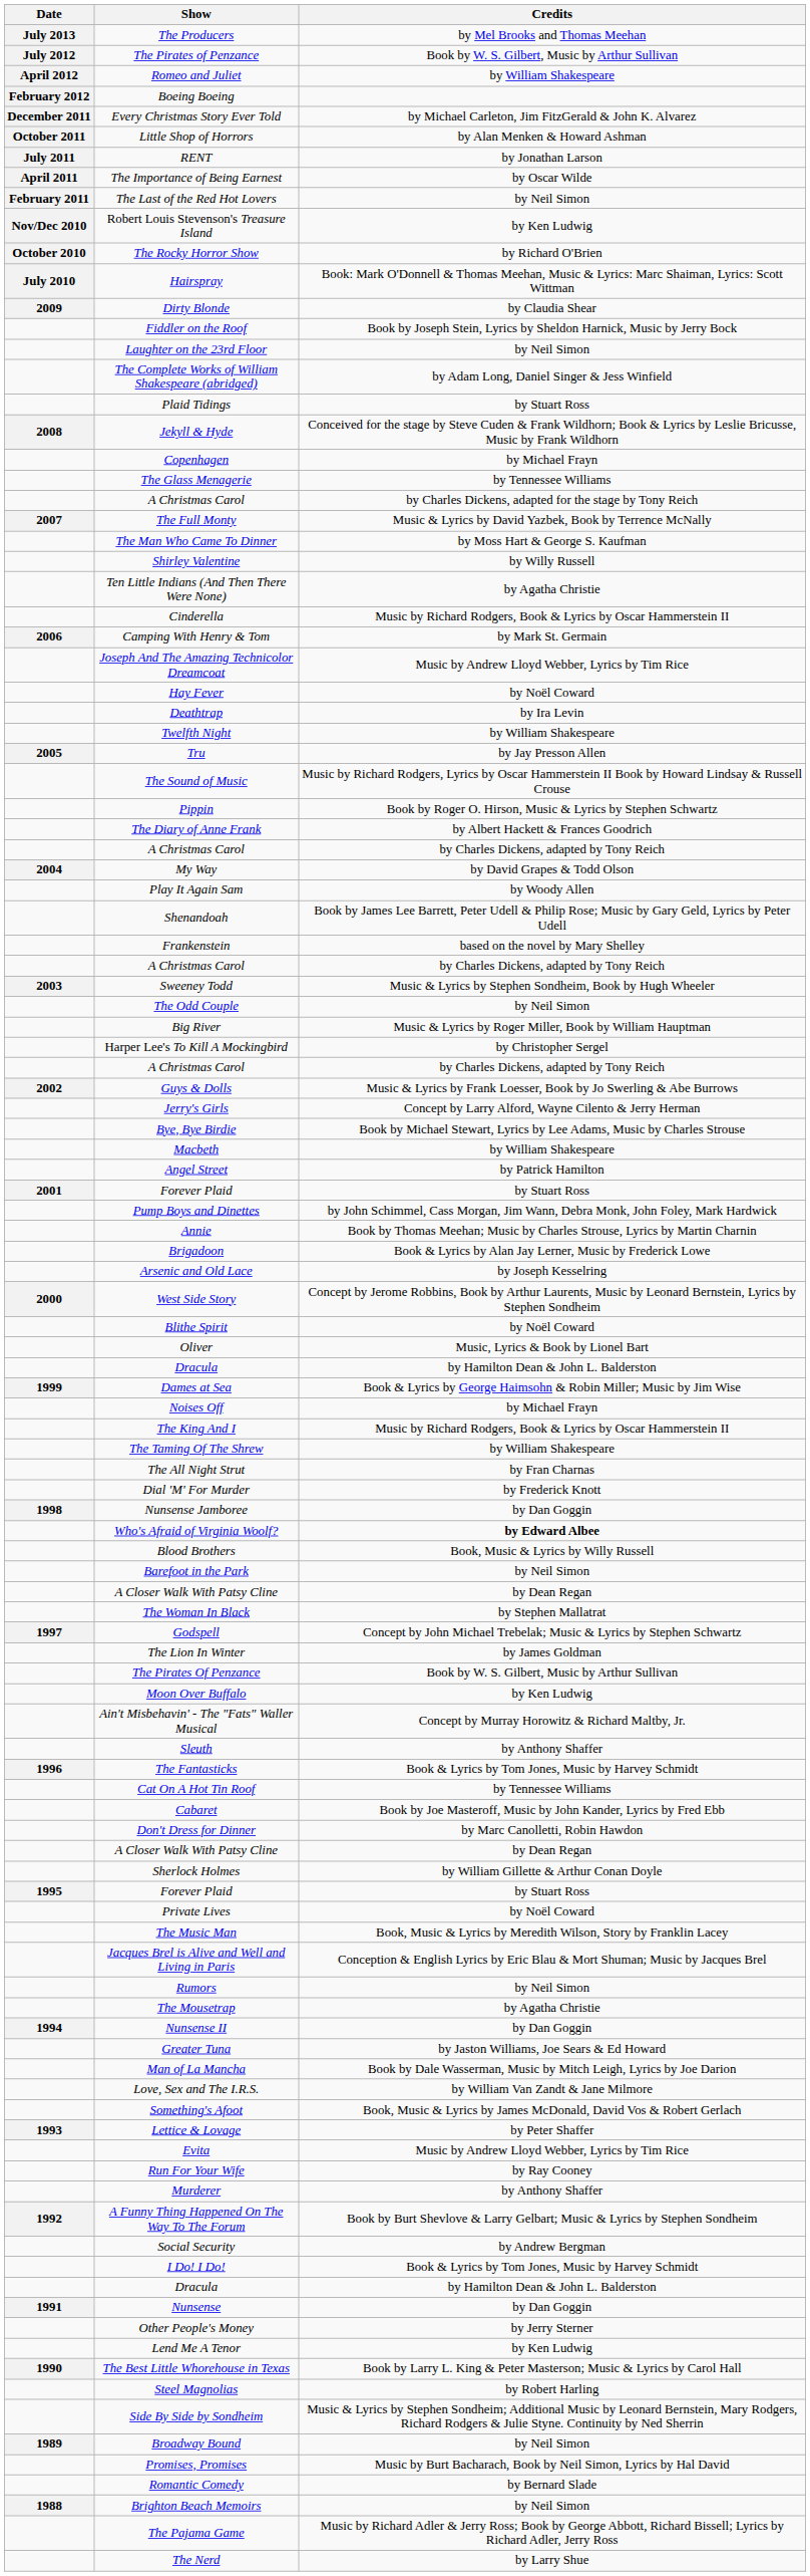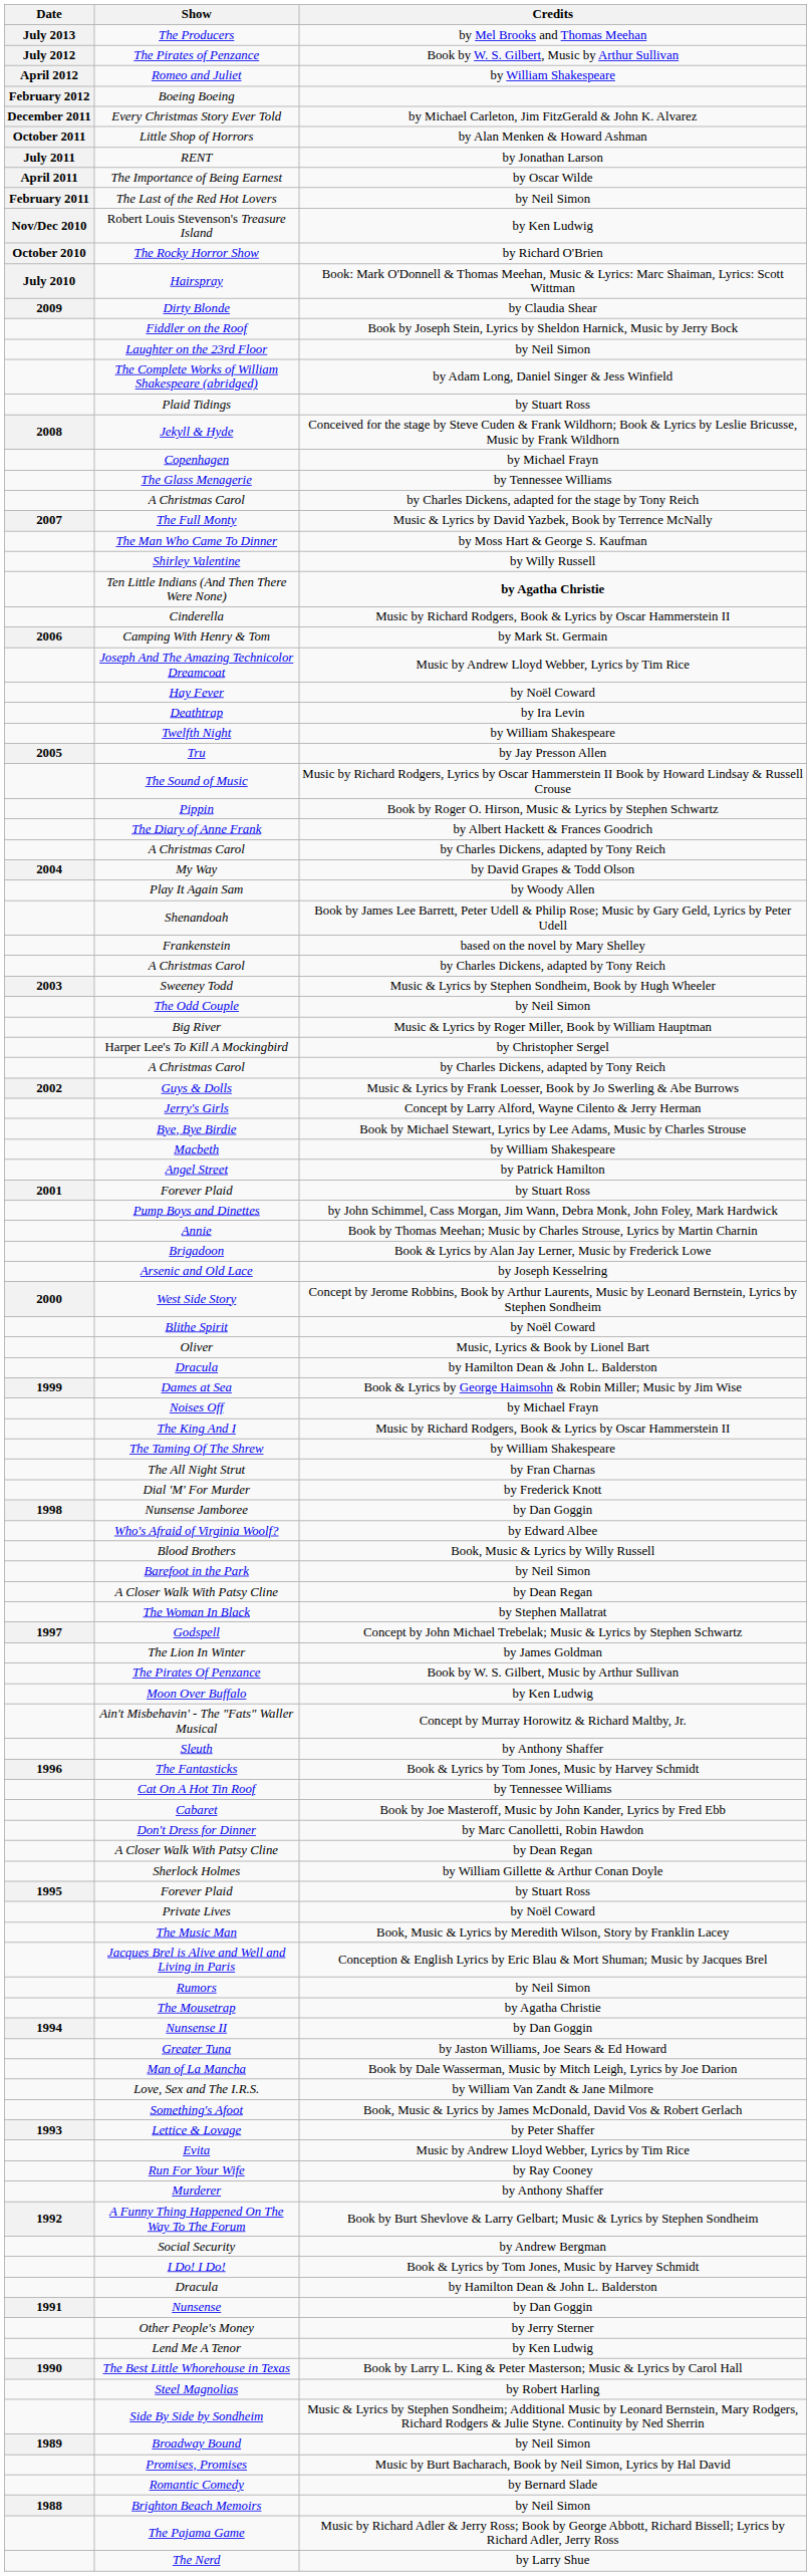 <table class="wikitable" collapsible autocollapse style="text-align: center; width: 1000px; height: 150px">
 <tr>
 <th>Date</th>
 <th>Show</th>
 <th>Credits</th>
 </tr>
 <tr>
 <th style="white-space: nowrap;">July 2013</th>
 <td><em><a href='#'>The Producers</a></em></td>
 <td>by <a href='#'>Mel Brooks</a> and <a href='#'>Thomas Meehan</a></td>
 </tr>
 <tr>
 <th style="white-space: nowrap;">July 2012</th>
 <td><em><a href='#'>The Pirates of Penzance</a></em></td>
 <td>Book by <a href='#'>W. S. Gilbert</a>, Music by <a href='#'>Arthur Sullivan</a></td>
 </tr>
 <tr>
 <th style="white-space: nowrap;">April 2012</th>
 <td><em><a href='#'>Romeo and Juliet</a></em></td>
 <td>by <a href='#'>William Shakespeare</a></td>
 </tr>
 <tr>
 <th style="white-space: nowrap;">February 2012</th>
 <td><em>Boeing Boeing</em></td>
 <td></td>
 </tr>
 <tr>
 <th style="white-space: nowrap;">December 2011</th>
 <td><em>Every Christmas Story Ever Told</em></td>
 <td>by Michael Carleton, Jim FitzGerald & John K. Alvarez</td>
 </tr>
 <tr>
 <th style="white-space: nowrap;">October 2011</th>
 <td><em>Little Shop of Horrors</em></td>
 <td>by Alan Menken & Howard Ashman</td>
 </tr>
 <tr>
 <th style="white-space: nowrap;">July 2011</th>
 <td><em>RENT</em></td>
 <td>by Jonathan Larson</td>
 </tr>
 <tr>
 <th style="white-space: nowrap;">April 2011</th>
 <td><em>The Importance of Being Earnest</em></td>
 <td>by Oscar Wilde</td>
 </tr>
 <tr>
 <th style="white-space: nowrap;">February 2011</th>
 <td><em>The Last of the Red Hot Lovers</em></td>
 <td>by Neil Simon</td>
 </tr>
 <tr>
 <th style="white-space: nowrap;">Nov/Dec 2010</th>
 <td>Robert Louis Stevenson's <em>Treasure Island</em></td>
 <td>by Ken Ludwig</td>
 </tr>
 <tr>
 <th style="white-space: nowrap;">October 2010</th>
 <td><em><a href='#'>The Rocky Horror Show</a></em></td>
 <td>by Richard O'Brien</td>
 </tr>
 <tr>
 <th style="white-space: nowrap;">July 2010</th>
 <td><em><a href='#'>Hairspray</a></em></td>
 <td>Book: Mark O'Donnell & Thomas Meehan, Music & Lyrics: Marc Shaiman, Lyrics: Scott Wittman</td>
 </tr>
 <tr>
 <th>2009</th>
 <td><em><a href='#'>Dirty Blonde</a></em></td>
 <td>by Claudia Shear</td>
 </tr>
 <tr>
 <td></td>
 <td><em><a href='#'>Fiddler on the Roof</a></em></td>
 <td>Book by Joseph Stein, Lyrics by Sheldon Harnick, Music by Jerry Bock</td>
 </tr>
 <tr>
 <td></td>
 <td><em><a href='#'>Laughter on the 23rd Floor</a></em></td>
 <td>by Neil Simon</td>
 </tr>
 <tr>
 <td></td>
 <td><em><a href='#'>The Complete Works of William Shakespeare (abridged)</a></em></td>
 <td>by Adam Long, Daniel Singer & Jess Winfield</td>
 </tr>
 <tr>
 <td></td>
 <td><em>Plaid Tidings</em></td>
 <td>by Stuart Ross</td>
 </tr>
 <tr>
 <th>2008</th>
 <td><em><a href='#'>Jekyll & Hyde</a></em></td>
 <td>Conceived for the stage by Steve Cuden & Frank Wildhorn; Book & Lyrics by Leslie Bricusse, Music by Frank Wildhorn</td>
 </tr>
 <tr>
 <td></td>
 <td><em><a href='#'>Copenhagen</a></em></td>
 <td>by Michael Frayn</td>
 </tr>
 <tr>
 <td></td>
 <td><em><a href='#'>The Glass Menagerie</a></em></td>
 <td>by Tennessee Williams</td>
 </tr>
 <tr>
 <td></td>
 <td><em>A Christmas Carol</em></td>
 <td>by Charles Dickens, adapted for the stage by Tony Reich</td>
 </tr>
 <tr>
 <th>2007</th>
 <td><em><a href='#'>The Full Monty</a></em></td>
 <td>Music & Lyrics by David Yazbek, Book by Terrence McNally</td>
 </tr>
 <tr>
 <td></td>
 <td><em><a href='#'>The Man Who Came To Dinner</a></em></td>
 <td>by Moss Hart & George S. Kaufman</td>
 </tr>
 <tr>
 <td></td>
 <td><em><a href='#'>Shirley Valentine</a></em></td>
 <td>by Willy Russell</td>
 </tr>
 <tr>
 <td></td>
 <td><em>Ten Little Indians (And Then There Were None)</em></td>
-<td>by Agatha Christie</td>
+<td><strong>by Agatha Christie</strong></td>
 </tr>
 <tr>
 <td></td>
 <td><em>Cinderella</em></td>
 <td>Music by Richard Rodgers, Book & Lyrics by Oscar Hammerstein II</td>
 </tr>
 <tr>
 <th>2006</th>
 <td><em>Camping With Henry & Tom  </em></td>
 <td>by Mark St. Germain</td>
 </tr>
 <tr>
 <td></td>
 <td><em><a href='#'>Joseph And The Amazing Technicolor Dreamcoat</a></em></td>
 <td>Music by Andrew Lloyd Webber, Lyrics by Tim Rice</td>
 </tr>
 <tr>
 <td></td>
 <td><em><a href='#'>Hay Fever</a></em></td>
 <td>by Noël Coward</td>
 </tr>
 <tr>
 <td></td>
 <td><em><a href='#'>Deathtrap</a></em></td>
 <td>by Ira Levin</td>
 </tr>
 <tr>
 <td></td>
 <td><em><a href='#'>Twelfth Night</a></em></td>
 <td>by William Shakespeare</td>
 </tr>
 <tr>
 <th>2005</th>
 <td><em><a href='#'>Tru</a></em></td>
 <td>by Jay Presson Allen</td>
 </tr>
 <tr>
 <td></td>
 <td><em><a href='#'>The Sound of Music</a></em></td>
 <td>Music by Richard Rodgers, Lyrics by Oscar Hammerstein II Book by Howard Lindsay & Russell Crouse</td>
 </tr>
 <tr>
 <td></td>
 <td><em><a href='#'>Pippin</a></em></td>
 <td>Book by Roger O. Hirson, Music & Lyrics by Stephen Schwartz</td>
 </tr>
 <tr>
 <td></td>
 <td><em><a href='#'>The Diary of Anne Frank</a></em></td>
 <td>by Albert Hackett & Frances Goodrich</td>
 </tr>
 <tr>
 <td></td>
 <td><em>A Christmas Carol</em></td>
 <td>by Charles Dickens, adapted by Tony Reich</td>
 </tr>
 <tr>
 <th>2004</th>
 <td><em>My Way</em></td>
 <td>by David Grapes & Todd Olson</td>
 </tr>
 <tr>
 <td></td>
 <td><em>Play It Again Sam</em></td>
 <td>by Woody Allen</td>
 </tr>
 <tr>
 <td></td>
 <td><em>Shenandoah</em></td>
 <td>Book by James Lee Barrett, Peter Udell & Philip Rose; Music by Gary Geld, Lyrics by Peter Udell</td>
 </tr>
 <tr>
 <td></td>
 <td><em>Frankenstein</em></td>
 <td>based on the novel by Mary Shelley</td>
 </tr>
 <tr>
 <td></td>
 <td><em>A Christmas Carol</em></td>
 <td>by Charles Dickens, adapted by Tony Reich</td>
 </tr>
 <tr>
 <th>2003</th>
 <td><em>Sweeney Todd</em></td>
 <td>Music & Lyrics by Stephen Sondheim, Book by Hugh Wheeler</td>
 </tr>
 <tr>
 <td></td>
 <td><em><a href='#'>The Odd Couple</a></em></td>
 <td>by Neil Simon</td>
 </tr>
 <tr>
 <td></td>
 <td><em>Big River</em></td>
 <td>Music & Lyrics by Roger Miller, Book by William Hauptman</td>
 </tr>
 <tr>
 <td></td>
 <td>Harper Lee's  <em>To Kill A Mockingbird</em></td>
 <td>by Christopher Sergel</td>
 </tr>
 <tr>
 <td></td>
 <td><em>A Christmas Carol</em></td>
 <td>by Charles Dickens, adapted by Tony Reich</td>
 </tr>
 <tr>
 <th>2002</th>
 <td><em><a href='#'>Guys & Dolls</a></em></td>
 <td>Music & Lyrics by Frank Loesser, Book by Jo Swerling & Abe Burrows</td>
 </tr>
 <tr>
 <td></td>
 <td><em><a href='#'>Jerry's Girls</a></em></td>
 <td>Concept by Larry Alford, Wayne Cilento & Jerry Herman</td>
 </tr>
 <tr>
 <td></td>
 <td><em><a href='#'>Bye, Bye Birdie</a></em></td>
 <td>Book by Michael Stewart, Lyrics by Lee Adams, Music by Charles Strouse</td>
 </tr>
 <tr>
 <td></td>
 <td><em><a href='#'>Macbeth</a></em></td>
 <td>by William Shakespeare</td>
 </tr>
 <tr>
 <td></td>
 <td><em><a href='#'>Angel Street</a></em></td>
 <td>by Patrick Hamilton</td>
 </tr>
 <tr>
 <th>2001</th>
 <td><em>Forever Plaid</em></td>
 <td>by Stuart Ross</td>
 </tr>
 <tr>
 <td></td>
 <td><em><a href='#'>Pump Boys and Dinettes</a></em></td>
 <td>by John Schimmel, Cass Morgan, Jim Wann, Debra Monk, John Foley, Mark Hardwick</td>
 </tr>
 <tr>
 <td></td>
 <td><em><a href='#'>Annie</a></em></td>
 <td>Book by Thomas Meehan; Music by Charles Strouse, Lyrics by Martin Charnin</td>
 </tr>
 <tr>
 <td></td>
 <td><em><a href='#'>Brigadoon</a></em></td>
 <td>Book & Lyrics by Alan Jay Lerner, Music by Frederick Lowe</td>
 </tr>
 <tr>
 <td></td>
 <td><em><a href='#'>Arsenic and Old Lace</a></em></td>
 <td>by Joseph Kesselring</td>
 </tr>
 <tr>
 <th>2000</th>
 <td><em><a href='#'>West Side Story</a></em></td>
 <td>Concept by Jerome Robbins, Book by Arthur Laurents, Music by Leonard Bernstein, Lyrics by Stephen Sondheim</td>
 </tr>
 <tr>
 <td></td>
 <td><em><a href='#'>Blithe Spirit</a></em></td>
 <td>by Noël Coward</td>
 </tr>
 <tr>
 <td></td>
 <td><em>Oliver</em></td>
 <td>Music, Lyrics & Book by Lionel Bart</td>
 </tr>
 <tr>
 <td></td>
 <td><em><a href='#'>Dracula</a></em></td>
 <td>by Hamilton Dean & John L. Balderston</td>
 </tr>
 <tr>
 <th>1999</th>
 <td><em><a href='#'>Dames at Sea</a></em></td>
 <td>Book & Lyrics by <a href='#'>George Haimsohn</a> & Robin Miller; Music by Jim Wise</td>
 </tr>
 <tr>
 <td></td>
 <td><em><a href='#'>Noises Off</a></em></td>
 <td>by Michael Frayn</td>
 </tr>
 <tr>
 <td></td>
 <td><em><a href='#'>The King And I</a></em></td>
 <td>Music by Richard Rodgers, Book & Lyrics by Oscar Hammerstein II</td>
 </tr>
 <tr>
 <td></td>
 <td><em><a href='#'>The Taming Of The Shrew</a></em></td>
 <td>by William Shakespeare</td>
 </tr>
 <tr>
 <td></td>
 <td><em>The All Night Strut</em></td>
 <td>by Fran Charnas</td>
 </tr>
 <tr>
 <td></td>
 <td><em>Dial 'M' For Murder</em></td>
 <td>by Frederick Knott</td>
 </tr>
 <tr>
 <th>1998</th>
 <td><em>Nunsense Jamboree</em></td>
 <td>by Dan Goggin</td>
 </tr>
 <tr>
 <td></td>
 <td><em><a href='#'>Who's Afraid of Virginia Woolf?</a></em></td>
-<td><strong>by Edward Albee</strong></td>
+<td>by Edward Albee</td>
 </tr>
 <tr>
 <td></td>
 <td><em>Blood Brothers</em></td>
 <td>Book, Music & Lyrics by Willy Russell</td>
 </tr>
 <tr>
 <td></td>
 <td><em><a href='#'>Barefoot in the Park</a></em></td>
 <td>by Neil Simon</td>
 </tr>
 <tr>
 <td></td>
 <td><em>A Closer Walk With Patsy Cline</em></td>
 <td>by Dean Regan</td>
 </tr>
 <tr>
 <td></td>
 <td><em><a href='#'>The Woman In Black</a></em></td>
 <td>by Stephen Mallatrat</td>
 </tr>
 <tr>
 <th>1997</th>
 <td><em><a href='#'>Godspell</a></em></td>
 <td>Concept by John Michael Trebelak; Music & Lyrics by Stephen Schwartz</td>
 </tr>
 <tr>
 <td></td>
 <td><em>The Lion In Winter</em></td>
 <td>by James Goldman</td>
 </tr>
 <tr>
 <td></td>
 <td><em><a href='#'>The Pirates Of Penzance</a></em></td>
 <td>Book by W. S. Gilbert, Music by Arthur Sullivan</td>
 </tr>
 <tr>
 <td></td>
 <td><em><a href='#'>Moon Over Buffalo</a></em></td>
 <td>by Ken Ludwig</td>
 </tr>
 <tr>
 <td></td>
 <td><em>Ain't Misbehavin' - The "Fats" Waller Musical</em></td>
 <td>Concept by Murray Horowitz & Richard Maltby, Jr.</td>
 </tr>
 <tr>
 <td></td>
 <td><em><a href='#'>Sleuth</a></em></td>
 <td>by Anthony Shaffer</td>
 </tr>
 <tr>
 <th>1996</th>
 <td><em><a href='#'>The Fantasticks</a></em></td>
 <td>Book & Lyrics by Tom Jones, Music by Harvey Schmidt</td>
 </tr>
 <tr>
 <td></td>
 <td><em><a href='#'>Cat On A Hot Tin Roof</a></em></td>
 <td>by Tennessee Williams</td>
 </tr>
 <tr>
 <td></td>
 <td><em><a href='#'>Cabaret</a></em></td>
 <td>Book by Joe Masteroff, Music by John Kander, Lyrics by Fred Ebb</td>
 </tr>
 <tr>
 <td></td>
 <td><em><a href='#'>Don't Dress for Dinner</a></em></td>
 <td>by Marc Canolletti, Robin Hawdon</td>
 </tr>
 <tr>
 <td></td>
 <td><em>A Closer Walk With Patsy Cline</em></td>
 <td>by Dean Regan</td>
 </tr>
 <tr>
 <td></td>
 <td><em>Sherlock Holmes</em></td>
 <td>by William Gillette & Arthur Conan Doyle</td>
 </tr>
 <tr>
 <th>1995</th>
 <td><em>Forever Plaid</em></td>
 <td>by Stuart Ross</td>
 </tr>
 <tr>
 <td></td>
 <td><em>Private Lives</em></td>
 <td>by Noël Coward</td>
 </tr>
 <tr>
 <td></td>
 <td><em><a href='#'>The Music Man</a></em></td>
 <td>Book, Music & Lyrics by Meredith Wilson, Story by Franklin Lacey</td>
 </tr>
 <tr>
 <td></td>
 <td><em><a href='#'>Jacques Brel is Alive and Well and Living in Paris</a></em></td>
 <td>Conception & English Lyrics by Eric Blau & Mort Shuman; Music by Jacques Brel</td>
 </tr>
 <tr>
 <td></td>
 <td><em><a href='#'>Rumors</a></em></td>
 <td>by Neil Simon</td>
 </tr>
 <tr>
 <td></td>
 <td><em><a href='#'>The Mousetrap</a></em></td>
 <td>by Agatha Christie</td>
 </tr>
 <tr>
 <th>1994</th>
 <td><em><a href='#'>Nunsense II</a></em></td>
 <td>by Dan Goggin</td>
 </tr>
 <tr>
 <td></td>
 <td><em><a href='#'>Greater Tuna</a></em></td>
 <td>by Jaston Williams, Joe Sears & Ed Howard</td>
 </tr>
 <tr>
 <td></td>
 <td><em><a href='#'>Man of La Mancha</a></em></td>
 <td>Book by Dale Wasserman, Music by Mitch Leigh, Lyrics by Joe Darion</td>
 </tr>
 <tr>
 <td></td>
 <td><em>Love, Sex and The I.R.S.</em></td>
 <td>by William Van Zandt & Jane Milmore</td>
 </tr>
 <tr>
 <td></td>
 <td><em><a href='#'>Something's Afoot</a></em></td>
 <td>Book, Music & Lyrics by James McDonald, David Vos & Robert Gerlach</td>
 </tr>
 <tr>
 <th>1993</th>
 <td><em><a href='#'>Lettice & Lovage</a></em></td>
 <td>by Peter Shaffer</td>
 </tr>
 <tr>
 <td></td>
 <td><em><a href='#'>Evita</a></em></td>
 <td>Music by Andrew Lloyd Webber, Lyrics by Tim Rice</td>
 </tr>
 <tr>
 <td></td>
 <td><em><a href='#'>Run For Your Wife</a></em></td>
 <td>by Ray Cooney</td>
 </tr>
 <tr>
 <td></td>
 <td><em><a href='#'>Murderer</a></em></td>
 <td>by Anthony Shaffer</td>
 </tr>
 <tr>
 <th>1992</th>
 <td><em><a href='#'>A Funny Thing Happened On The Way To The Forum</a></em></td>
 <td>Book by Burt Shevlove & Larry Gelbart; Music & Lyrics by Stephen Sondheim</td>
 </tr>
 <tr>
 <td></td>
 <td><em>Social Security</em></td>
 <td>by Andrew  Bergman</td>
 </tr>
 <tr>
 <td></td>
 <td><em><a href='#'>I Do! I Do!</a></em></td>
 <td>Book & Lyrics by Tom Jones, Music by Harvey Schmidt</td>
 </tr>
 <tr>
 <td></td>
 <td><em>Dracula</em></td>
 <td>by Hamilton Dean & John L. Balderston</td>
 </tr>
 <tr>
 <th>1991</th>
 <td><em><a href='#'>Nunsense</a></em></td>
 <td>by Dan Goggin</td>
 </tr>
 <tr>
 <td></td>
 <td><em>Other People's Money</em></td>
 <td>by Jerry Sterner</td>
 </tr>
 <tr>
 <td></td>
 <td><em>Lend Me A Tenor</em></td>
 <td>by Ken Ludwig</td>
 </tr>
 <tr>
 <th>1990</th>
 <td><em><a href='#'>The Best Little Whorehouse in Texas</a></em></td>
 <td>Book by Larry L. King & Peter Masterson; Music & Lyrics by Carol Hall</td>
 </tr>
 <tr>
 <td></td>
 <td><em><a href='#'>Steel Magnolias</a></em></td>
 <td>by Robert Harling</td>
 </tr>
 <tr>
 <td></td>
 <td><em><a href='#'>Side By Side by Sondheim</a></em></td>
 <td>Music & Lyrics by Stephen Sondheim; Additional Music by Leonard Bernstein, Mary Rodgers, Richard Rodgers & Julie Styne. Continuity by Ned Sherrin</td>
 </tr>
 <tr>
 <th>1989</th>
 <td><em><a href='#'>Broadway Bound</a></em></td>
 <td>by Neil Simon</td>
 </tr>
 <tr>
 <td></td>
 <td><em><a href='#'>Promises, Promises</a></em></td>
 <td>Music by Burt Bacharach, Book by Neil Simon, Lyrics by Hal David</td>
 </tr>
 <tr>
 <td></td>
 <td><em><a href='#'>Romantic Comedy</a></em></td>
 <td>by Bernard Slade</td>
 </tr>
 <tr>
 <th>1988</th>
 <td><em><a href='#'>Brighton Beach Memoirs</a></em></td>
 <td>by Neil Simon</td>
 </tr>
 <tr>
 <td></td>
 <td><em><a href='#'>The Pajama Game</a></em></td>
 <td>Music by Richard Adler & Jerry Ross; Book by George Abbott, Richard Bissell; Lyrics by Richard Adler, Jerry Ross</td>
 </tr>
 <tr>
 <td></td>
 <td><em><a href='#'>The Nerd</a></em></td>
 <td>by Larry Shue</td>
 </tr>
 </table>
